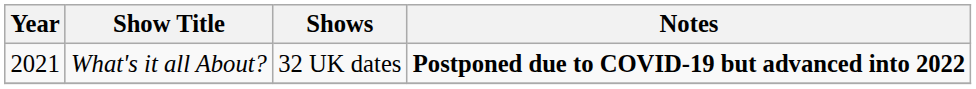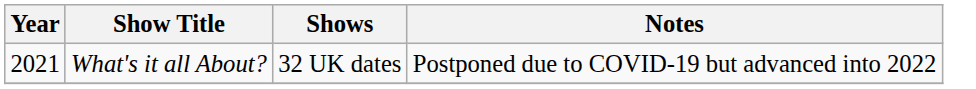 <table class="wikitable sortable">
 <tr>
 <th>Year</th>
 <th>Show Title</th>
 <th>Shows</th>
 <th>Notes</th>
 </tr>
 <tr>
 <td>2021</td>
 <td><em>What's it all About?</em></td>
 <td>32 UK dates</td>
-<td><strong>Postponed due to COVID-19 but advanced into 2022</strong></td>
+<td>Postponed due to COVID-19 but advanced into 2022</td>
 </tr>
 <tr>
 </tr>
 </table>
